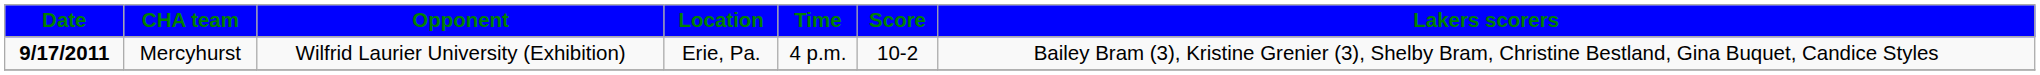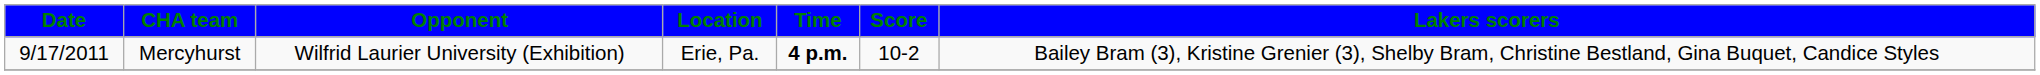 <table class="wikitable" style="width:80%;">
 <tr style="text-align:center; background:blue; color:green;">
 <td><strong>Date</strong></td>
 <td><strong>CHA team</strong></td>
 <td><strong>Opponent</strong></td>
 <td><strong>Location</strong></td>
 <td><strong>Time</strong></td>
 <td><strong>Score</strong></td>
 <td><strong>Lakers scorers</strong></td>
 </tr>
 <tr style="text-align:center;" bgcolor="">
-<td><strong>9/17/2011</strong></td>
+<td>9/17/2011</td>
 <td>Mercyhurst</td>
 <td>Wilfrid Laurier University (Exhibition)</td>
 <td>Erie, Pa.</td>
-<td>4 p.m.</td>
+<td><strong>4 p.m.</strong></td>
 <td>10-2</td>
 <td>Bailey Bram (3), Kristine Grenier (3), Shelby Bram, Christine Bestland, Gina Buquet, Candice Styles</td>
 </tr>
 <tr style="text-align:center;" bgcolor="">
 </tr>
 </table>
